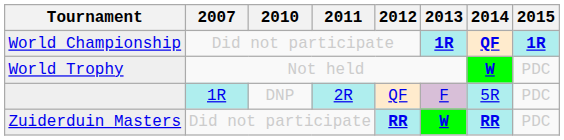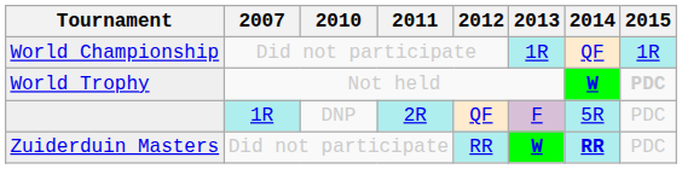 <table class="wikitable">
 <tr>
 <th>Tournament</th>
 <th>2007</th>
 <th>2010</th>
 <th>2011</th>
 <th>2012</th>
 <th>2013</th>
 <th>2014</th>
 <th>2015</th>
 </tr>
 <tr>
 <td style="background:#efefef;"><a href='#'>World Championship</a></td>
 <td colspan="4" style="text-align:center; color:#ccc;">Did not participate</td>
-<td style="text-align:center; background:#afeeee;"><strong><a href='#'>1R</a></strong></td>
-<td style="text-align:center; background:#ffebcd;"><strong><a href='#'>QF</a></strong></td>
-<td style="text-align:center; background:#afeeee;"><strong><a href='#'>1R</a></strong></td>
+<td style="text-align:center; background:#afeeee;"><a href='#'>1R</a></td>
+<td style="text-align:center; background:#ffebcd;"><a href='#'>QF</a></td>
+<td style="text-align:center; background:#afeeee;"><a href='#'>1R</a></td>
 </tr>
 <tr>
 <td style="background:#efefef;"><a href='#'>World Trophy</a></td>
 <td colspan="5" style="text-align:center; color:#ccc;">Not held</td>
 <td style="text-align:center; background:lime;"><strong><a href='#'>W</a></strong></td>
-<td style="text-align:center; color:#ccc;">PDC</td>
+<td style="text-align:center; color:#ccc;"><strong>PDC</strong></td>
 </tr>
 <tr>
 <td style="background:#efefef;"></td>
 <td style="text-align:center; background:#afeeee;"><a href='#'>1R</a></td>
 <td style="text-align:center; color:#ccc;">DNP</td>
 <td style="text-align:center; background:#afeeee;"><a href='#'>2R</a></td>
 <td style="text-align:center; background:#ffebcd;"><a href='#'>QF</a></td>
 <td style="text-align:center; background:#d8bfd8;"><a href='#'>F</a></td>
 <td style="text-align:center; background:#afeeee;"><a href='#'>5R</a></td>
 <td style="text-align:center; color:#ccc;">PDC</td>
 </tr>
 <tr>
 <td style="background:#efefef;"><a href='#'>Zuiderduin Masters</a></td>
 <td colspan="3" style="text-align:center; color:#ccc;">Did not participate</td>
-<td style="text-align:center; background:#afeeee;"><strong><a href='#'>RR</a></strong></td>
+<td style="text-align:center; background:#afeeee;"><a href='#'>RR</a></td>
 <td style="text-align:center; background:lime;"><strong><a href='#'>W</a></strong></td>
 <td style="text-align:center; background:#afeeee;"><strong><a href='#'>RR</a></strong></td>
 <td style="text-align:center; color:#ccc;">PDC</td>
 </tr>
 </table>
